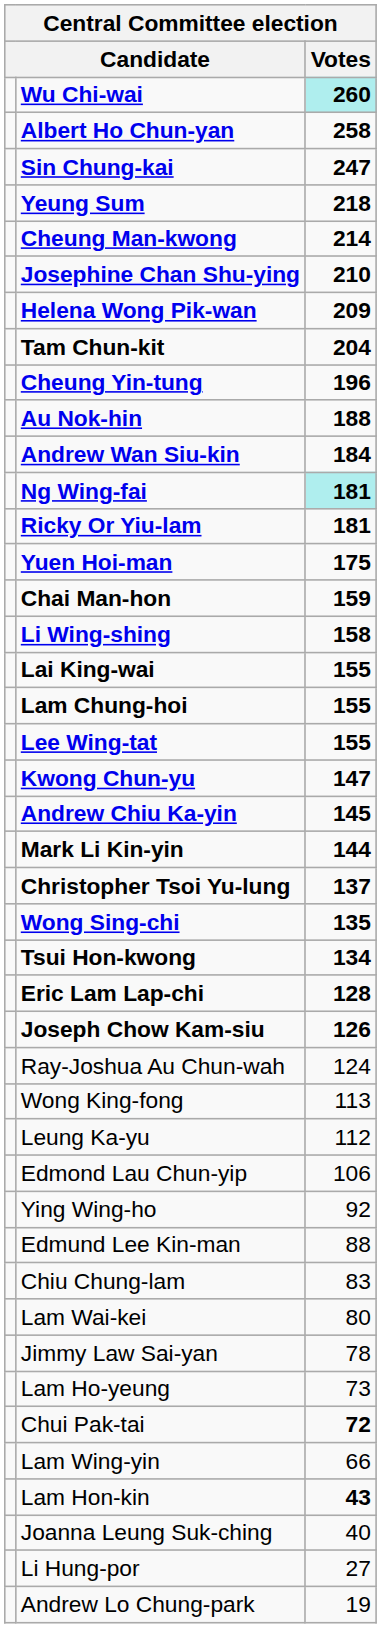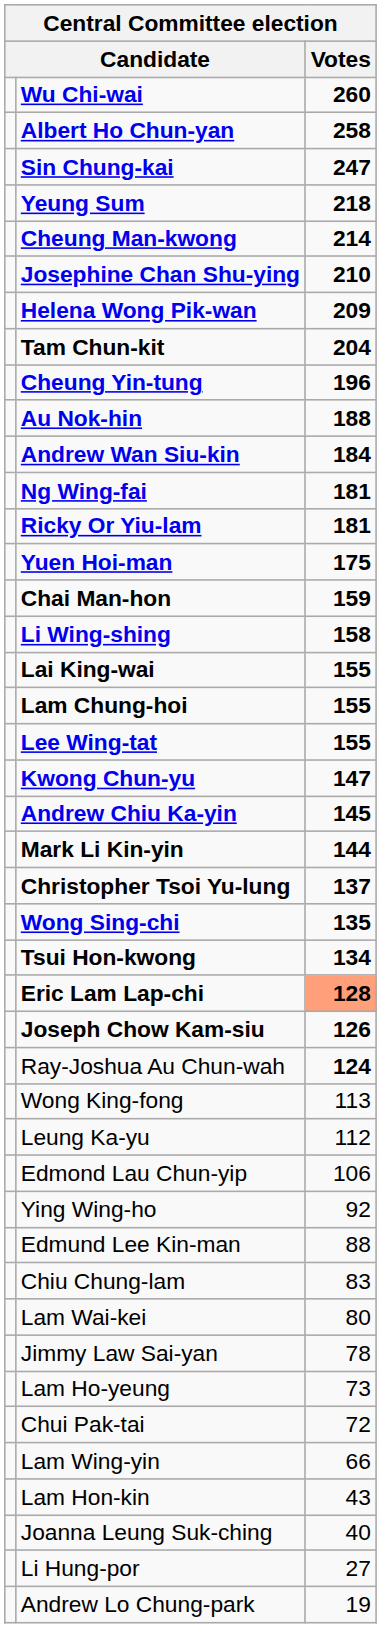 <table class="wikitable" style="font-size: 90%;text-align:right">
 <tr>
 <th colspan=3>Central Committee election</th>
 </tr>
 <tr>
 <th colspan=2>Candidate</th>
 <th>Votes</th>
 </tr>
 <tr>
 <td></td>
 <td align=left><strong><a href='#'>Wu Chi-wai</a></strong></td>
-<td style="background: paleturquoise;"><strong>260</strong></td>
+<td><strong>260</strong></td>
 </tr>
 <tr>
 <td></td>
 <td align=left><strong><a href='#'>Albert Ho Chun-yan</a></strong></td>
 <td><strong>258</strong></td>
 </tr>
 <tr>
 <td></td>
 <td align=left><strong><a href='#'>Sin Chung-kai</a></strong></td>
 <td><strong>247</strong></td>
 </tr>
 <tr>
 <td></td>
 <td align=left><strong><a href='#'>Yeung Sum</a></strong></td>
 <td><strong>218</strong></td>
 </tr>
 <tr>
 <td></td>
 <td align=left><strong><a href='#'>Cheung Man-kwong</a></strong></td>
 <td><strong>214</strong></td>
 </tr>
 <tr>
 <td></td>
 <td align=left><strong><a href='#'>Josephine Chan Shu-ying</a></strong></td>
 <td><strong>210</strong></td>
 </tr>
 <tr>
 <td></td>
 <td align=left><strong><a href='#'>Helena Wong Pik-wan</a></strong></td>
 <td><strong>209</strong></td>
 </tr>
 <tr>
 <td></td>
 <td align=left><strong>Tam Chun-kit</strong></td>
 <td><strong>204</strong></td>
 </tr>
 <tr>
 <td></td>
 <td align=left><strong><a href='#'>Cheung Yin-tung</a></strong></td>
 <td><strong>196</strong></td>
 </tr>
 <tr>
 <td></td>
 <td align=left><strong><a href='#'>Au Nok-hin</a></strong></td>
 <td><strong>188</strong></td>
 </tr>
 <tr>
 <td></td>
 <td align=left><strong><a href='#'>Andrew Wan Siu-kin</a></strong></td>
 <td><strong>184</strong></td>
 </tr>
 <tr>
 <td></td>
 <td align=left><strong><a href='#'>Ng Wing-fai</a></strong></td>
-<td style="background: paleturquoise;"><strong>181</strong></td>
+<td><strong>181</strong></td>
 </tr>
 <tr>
 <td></td>
 <td align=left><strong><a href='#'>Ricky Or Yiu-lam</a></strong></td>
 <td><strong>181</strong></td>
 </tr>
 <tr>
 <td></td>
 <td align=left><strong><a href='#'>Yuen Hoi-man</a></strong></td>
 <td><strong>175</strong></td>
 </tr>
 <tr>
 <td></td>
 <td align=left><strong>Chai Man-hon</strong></td>
 <td><strong>159</strong></td>
 </tr>
 <tr>
 <td></td>
 <td align=left><strong><a href='#'>Li Wing-shing</a></strong></td>
 <td><strong>158</strong></td>
 </tr>
 <tr>
 <td></td>
 <td align=left><strong>Lai King-wai</strong></td>
 <td><strong>155</strong></td>
 </tr>
 <tr>
 <td></td>
 <td align=left><strong>Lam Chung-hoi</strong></td>
 <td><strong>155</strong></td>
 </tr>
 <tr>
 <td></td>
 <td align=left><strong><a href='#'>Lee Wing-tat</a></strong></td>
 <td><strong>155</strong></td>
 </tr>
 <tr>
 <td></td>
 <td align=left><strong><a href='#'>Kwong Chun-yu</a></strong></td>
 <td><strong>147</strong></td>
 </tr>
 <tr>
 <td></td>
 <td align=left><strong><a href='#'>Andrew Chiu Ka-yin</a></strong></td>
 <td><strong>145</strong></td>
 </tr>
 <tr>
 <td></td>
 <td align=left><strong>Mark Li Kin-yin</strong></td>
 <td><strong>144</strong></td>
 </tr>
 <tr>
 <td></td>
 <td align=left><strong>Christopher Tsoi Yu-lung</strong></td>
 <td><strong>137</strong></td>
 </tr>
 <tr>
 <td></td>
 <td align=left><strong><a href='#'>Wong Sing-chi</a></strong></td>
 <td><strong>135</strong></td>
 </tr>
 <tr>
 <td></td>
 <td align=left><strong>Tsui Hon-kwong</strong></td>
 <td><strong>134</strong></td>
 </tr>
 <tr>
 <td></td>
 <td align=left><strong>Eric Lam Lap-chi</strong></td>
-<td><strong>128</strong></td>
+<td style="background: lightsalmon;"><strong>128</strong></td>
 </tr>
 <tr>
 <td></td>
 <td align=left><strong>Joseph Chow Kam-siu</strong></td>
 <td><strong>126</strong></td>
 </tr>
 <tr>
 <td></td>
 <td align=left>Ray-Joshua Au Chun-wah</td>
-<td>124</td>
+<td><strong>124</strong></td>
 </tr>
 <tr>
 <td></td>
 <td align=left>Wong King-fong</td>
 <td>113</td>
 </tr>
 <tr>
 <td></td>
 <td align=left>Leung Ka-yu</td>
 <td>112</td>
 </tr>
 <tr>
 <td></td>
 <td align=left>Edmond Lau Chun-yip</td>
 <td>106</td>
 </tr>
 <tr>
 <td></td>
 <td align=left>Ying Wing-ho</td>
 <td>92</td>
 </tr>
 <tr>
 <td></td>
 <td align=left>Edmund Lee Kin-man</td>
 <td>88</td>
 </tr>
 <tr>
 <td></td>
 <td align=left>Chiu Chung-lam</td>
 <td>83</td>
 </tr>
 <tr>
 <td></td>
 <td align=left>Lam Wai-kei</td>
 <td>80</td>
 </tr>
 <tr>
 <td></td>
 <td align=left>Jimmy Law Sai-yan</td>
 <td>78</td>
 </tr>
 <tr>
 <td></td>
 <td align=left>Lam Ho-yeung</td>
 <td>73</td>
 </tr>
 <tr>
 <td></td>
 <td align=left>Chui Pak-tai</td>
-<td><strong>72</strong></td>
+<td>72</td>
 </tr>
 <tr>
 <td></td>
 <td align=left>Lam Wing-yin</td>
 <td>66</td>
 </tr>
 <tr>
 <td></td>
 <td align=left>Lam Hon-kin</td>
-<td><strong>43</strong></td>
+<td>43</td>
 </tr>
 <tr>
 <td></td>
 <td align=left>Joanna Leung Suk-ching</td>
 <td>40</td>
 </tr>
 <tr>
 <td></td>
 <td align=left>Li Hung-por</td>
 <td>27</td>
 </tr>
 <tr>
 <td></td>
 <td align=left>Andrew Lo Chung-park</td>
 <td>19</td>
 </tr>
 </table>
